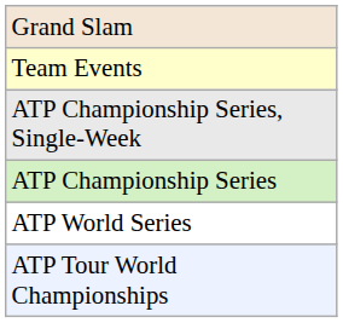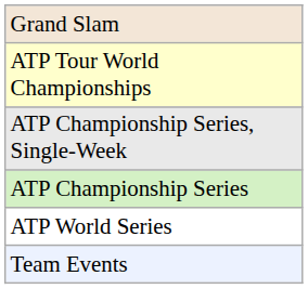 <table class="wikitable" style="font-size:90%;" width=15%>
 <tr bgcolor="#F3E6D7">
 <td>Grand Slam</td>
 </tr>
 <tr bgcolor="#FFFFCC">
-<td>Team Events</td>
+<td>ATP Tour World Championships</td>
 </tr>
 <tr bgcolor="#E9E9E9">
 <td>ATP Championship Series, Single-Week</td>
 </tr>
 <tr bgcolor="#D4F1C5">
 <td>ATP Championship Series</td>
 </tr>
 <tr bgcolor="#FFF">
 <td>ATP World Series</td>
 </tr>
 <tr bgcolor="#ECF2FF">
-<td>ATP Tour World Championships</td>
+<td>Team Events</td>
 </tr>
 </table>
